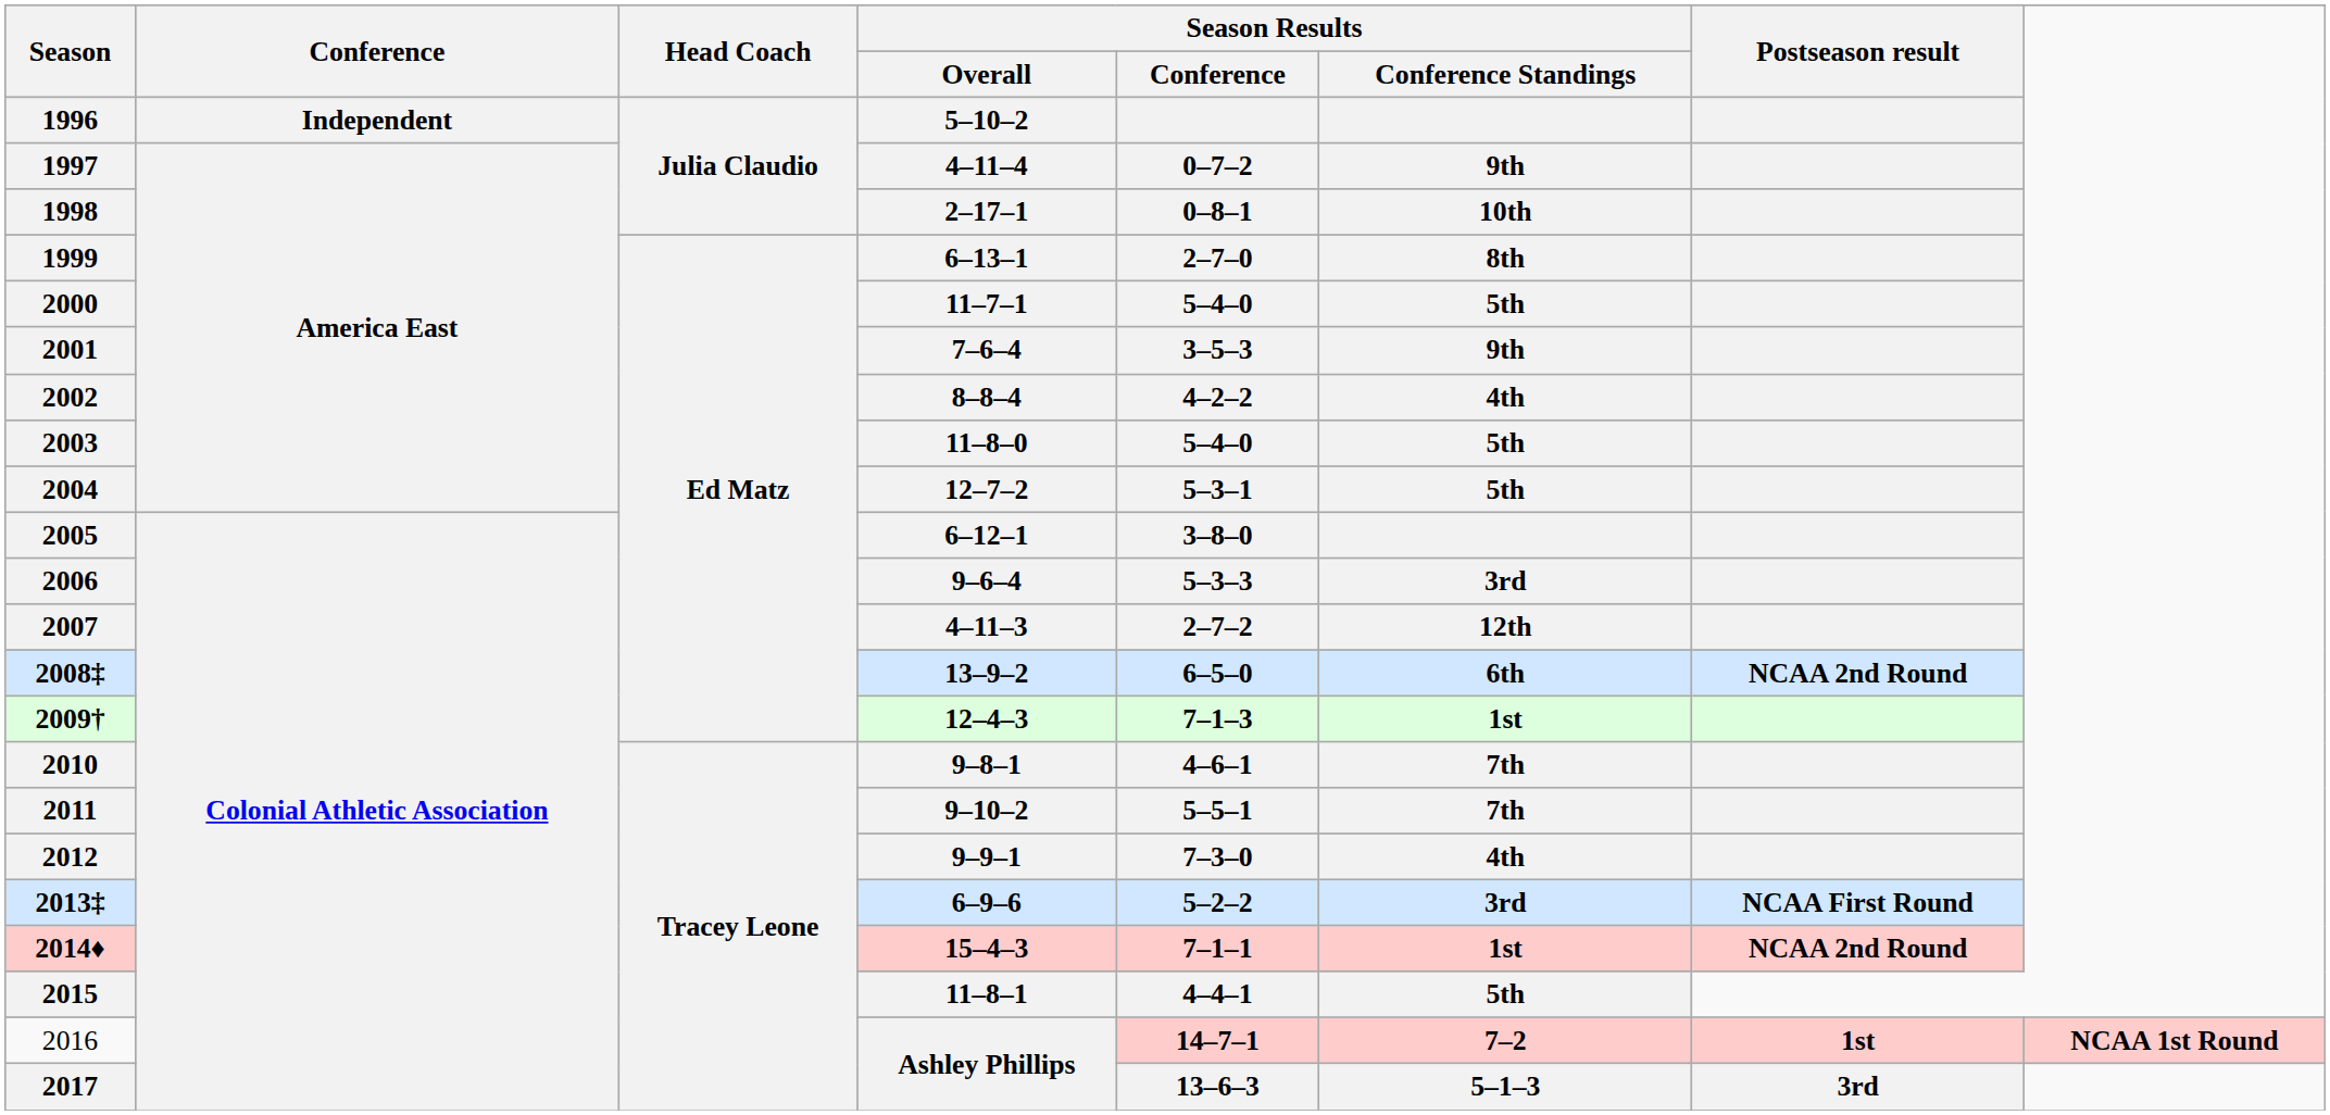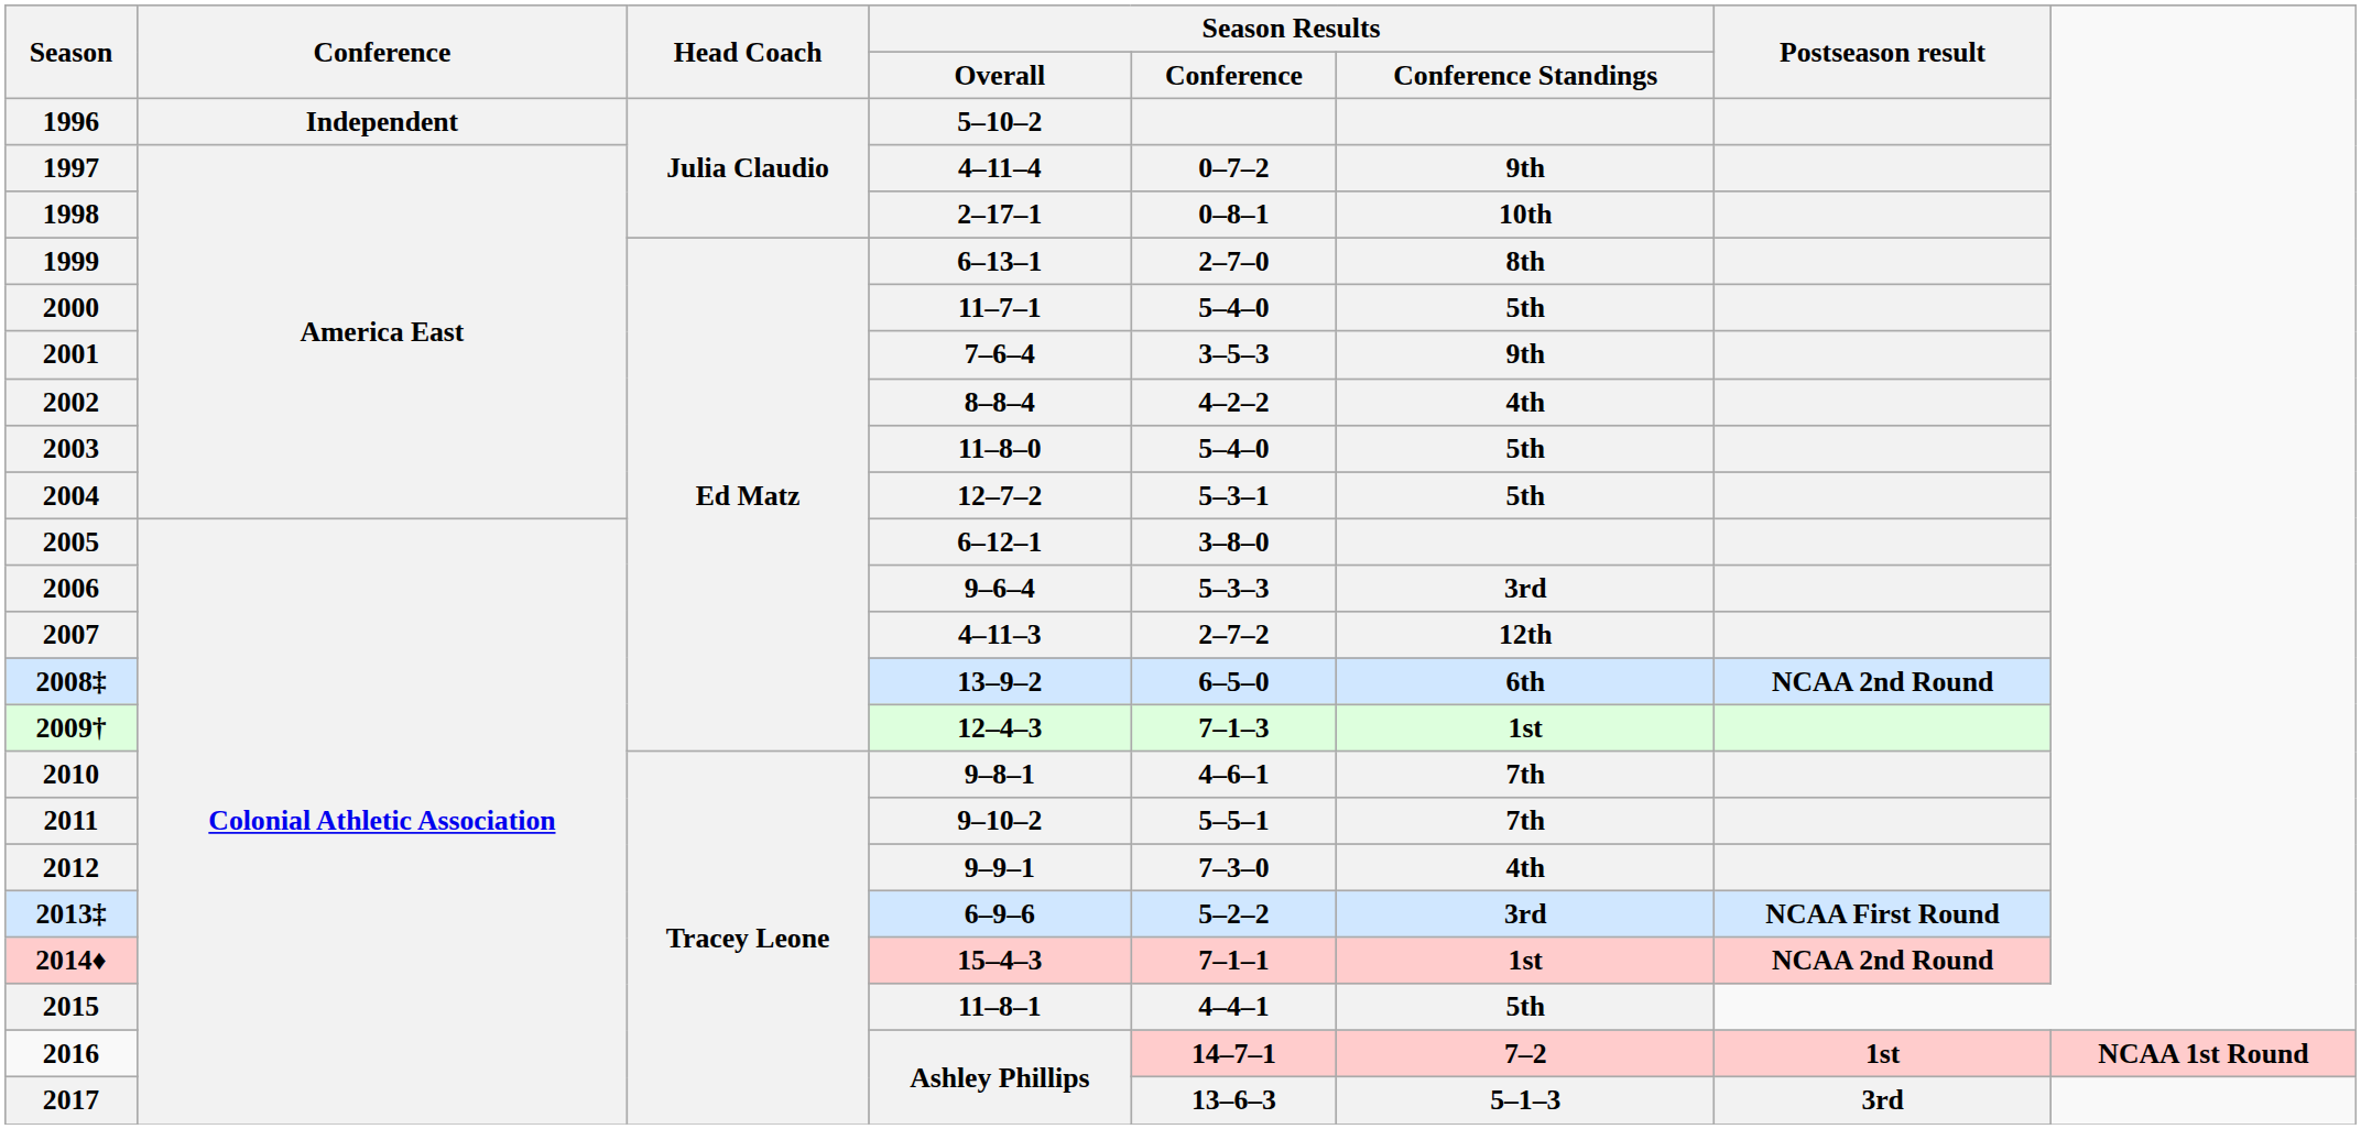 <table class="wikitable" style="font-size: 95%; width:100%; text-align:center;">
 <tr>
 <th rowspan="2">Season</th>
 <th rowspan="2">Conference</th>
 <th rowspan="2">Head Coach</th>
 <th colspan="3">Season Results</th>
 <th rowspan="2">Postseason result</th>
 </tr>
 <tr>
 <th>Overall</th>
 <th>Conference</th>
 <th>Conference Standings</th>
 </tr>
 <tr>
 <th>1996</th>
 <th rowspan="1">Independent</th>
 <th rowspan="3">Julia Claudio</th>
 <th>5–10–2</th>
 <th></th>
 <th></th>
 <th></th>
 </tr>
 <tr>
 <th>1997</th>
 <th rowspan="8">America East</th>
 <th>4–11–4</th>
 <th>0–7–2</th>
 <th>9th</th>
 <th></th>
 </tr>
 <tr>
 <th>1998</th>
 <th>2–17–1</th>
 <th>0–8–1</th>
 <th>10th</th>
 <th></th>
 </tr>
 <tr>
 <th>1999</th>
 <th rowspan="11">Ed Matz</th>
 <th>6–13–1</th>
 <th>2–7–0</th>
 <th>8th</th>
 <th></th>
 </tr>
 <tr>
 <th>2000</th>
 <th>11–7–1</th>
 <th>5–4–0</th>
 <th>5th</th>
 <th></th>
 </tr>
 <tr>
 <th>2001</th>
 <th>7–6–4</th>
 <th>3–5–3</th>
 <th>9th</th>
 <th></th>
 </tr>
 <tr>
 <th>2002</th>
 <th>8–8–4</th>
 <th>4–2–2</th>
 <th>4th</th>
 <th></th>
 </tr>
 <tr>
 <th>2003</th>
 <th>11–8–0</th>
 <th>5–4–0</th>
 <th>5th</th>
 <th></th>
 </tr>
 <tr>
 <th>2004</th>
 <th>12–7–2</th>
 <th>5–3–1</th>
 <th>5th</th>
 <th></th>
 </tr>
 <tr>
 <th>2005</th>
 <th rowspan="99"><a href='#'>Colonial Athletic Association</a></th>
 <th>6–12–1</th>
 <th>3–8–0</th>
 <th></th>
 <th></th>
 </tr>
 <tr>
 <th>2006</th>
 <th>9–6–4</th>
 <th>5–3–3</th>
 <th>3rd</th>
 <th></th>
 </tr>
 <tr>
 <th>2007</th>
 <th>4–11–3</th>
 <th>2–7–2</th>
 <th>12th</th>
 <th></th>
 </tr>
 <tr>
 <th style="background: #D0E7FF;">2008‡</th>
 <th style="background: #D0E7FF;">13–9–2</th>
 <th style="background: #D0E7FF;">6–5–0</th>
 <th style="background: #D0E7FF;">6th</th>
 <th style="background: #D0E7FF;">NCAA 2nd Round</th>
 </tr>
 <tr>
 <th style="background: #DDFFDD;">2009†</th>
 <th style="background: #DDFFDD;">12–4–3</th>
 <th style="background: #DDFFDD;">7–1–3</th>
 <th style="background: #DDFFDD;">1st</th>
 <th style="background: #DDFFDD;"></th>
 </tr>
 <tr>
 <th>2010</th>
 <th rowspan="99">Tracey Leone</th>
 <th>9–8–1</th>
 <th>4–6–1</th>
 <th>7th</th>
 <th></th>
 </tr>
 <tr>
 <th>2011</th>
 <th>9–10–2</th>
 <th>5–5–1</th>
 <th>7th</th>
 <th></th>
 </tr>
 <tr>
 <th>2012</th>
 <th>9–9–1</th>
 <th>7–3–0</th>
 <th>4th</th>
 <th></th>
 </tr>
 <tr>
 <th style="background: #D0E7FF;">2013‡</th>
 <th style="background: #D0E7FF;">6–9–6</th>
 <th style="background: #D0E7FF;">5–2–2</th>
 <th style="background: #D0E7FF;">3rd</th>
 <th style="background: #D0E7FF;">NCAA First Round</th>
 </tr>
 <tr>
 <th style="background: #FFCCCC;">2014♦</th>
 <th style="background: #FFCCCC;">15–4–3</th>
 <th style="background: #FFCCCC;">7–1–1</th>
 <th style="background: #FFCCCC;">1st</th>
 <th style="background: #FFCCCC;">NCAA 2nd Round</th>
 </tr>
 <tr>
 <th>2015</th>
 <th>11–8–1</th>
 <th>4–4–1</th>
 <th>5th</th>
 </tr>
 <tr>
-<td>2016</td>
+<td><strong>2016</strong></td>
 <th rowspan="99">Ashley Phillips</th>
 <th style="background: #FFCCCC;">14–7–1</th>
 <th style="background: #FFCCCC;">7–2</th>
 <th style="background: #FFCCCC;">1st</th>
 <th style="background: #FFCCCC;">NCAA 1st Round</th>
 </tr>
 <tr>
 <th>2017</th>
 <th>13–6–3</th>
 <th>5–1–3</th>
 <th>3rd</th>
 </tr>
 <tr>
 </tr>
 </table>
